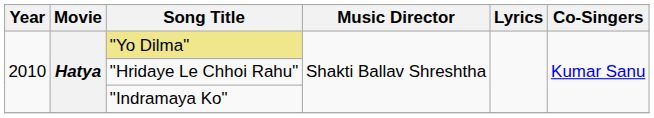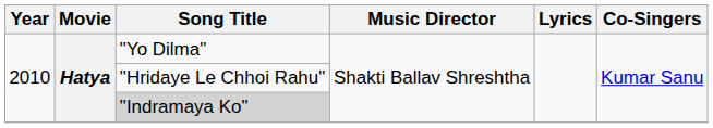 <table class="wikitable sortable">
 <tr>
 <th>Year</th>
 <th>Movie</th>
 <th>Song Title</th>
 <th>Music Director</th>
 <th>Lyrics</th>
 <th>Co-Singers</th>
 </tr>
 <tr>
 <td rowspan=3>2010</td>
 <th rowspan=3><em>Hatya</em></th>
-<td style="background: khaki;">"Yo Dilma"</td>
+<td>"Yo Dilma"</td>
 <td rowspan=3>Shakti Ballav Shreshtha</td>
 <td rowspan=3></td>
 <td rowspan=3><a href='#'>Kumar Sanu</a></td>
 </tr>
 <tr>
 <td>"Hridaye Le Chhoi Rahu"</td>
 </tr>
 <tr>
-<td>"Indramaya Ko"</td>
+<td style="background: lightgrey;">"Indramaya Ko"</td>
 </tr>
 <tr>
 </tr>
 </table>
